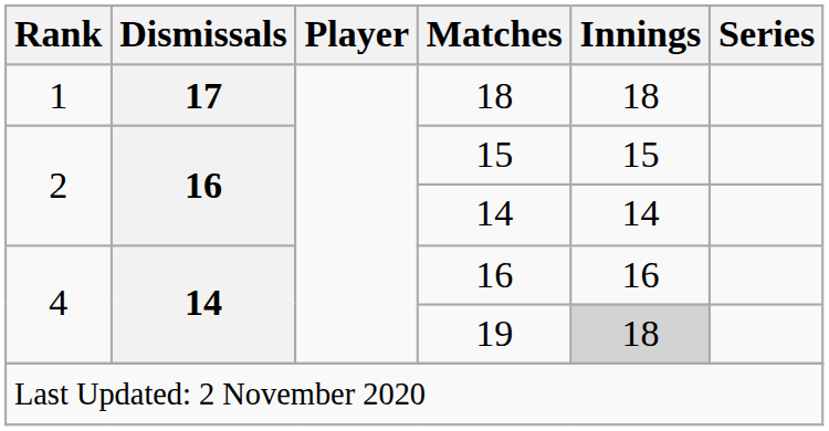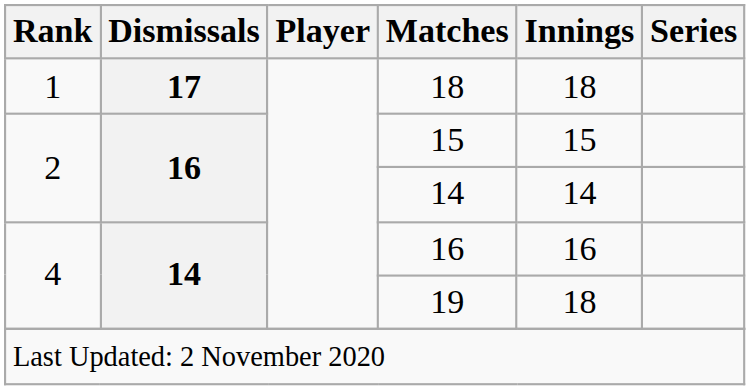 <table class="wikitable">
 <tr>
 <th>Rank</th>
 <th>Dismissals</th>
 <th>Player</th>
 <th>Matches</th>
 <th>Innings</th>
 <th>Series</th>
 </tr>
 <tr>
 <td align=center>1</td>
 <th scope=row style=text-align:center;>17</th>
 <td rowspan="5"></td>
 <td align=center>18</td>
 <td align=center>18</td>
 <td></td>
 </tr>
 <tr>
 <td align=center rowspan=2>2</td>
 <th scope=row style=text-align:center; rowspan=2>16</th>
 <td align="center">15</td>
 <td align=center>15</td>
 <td></td>
 </tr>
 <tr>
 <td align="center">14</td>
 <td align=center>14</td>
 <td></td>
 </tr>
 <tr>
 <td align=center rowspan=2>4</td>
 <th scope=row style=text-align:center; rowspan=2>14</th>
 <td align="center">16</td>
 <td align=center>16</td>
 <td></td>
 </tr>
 <tr>
 <td align="center">19</td>
-<td align=center style="background: lightgrey;">18</td>
+<td align=center>18</td>
 <td></td>
 </tr>
 <tr>
 </tr>
 <tr class=sortbottom>
 <td colspan=6><small>Last Updated: 2 November 2020</small></td>
 </tr>
 </table>
